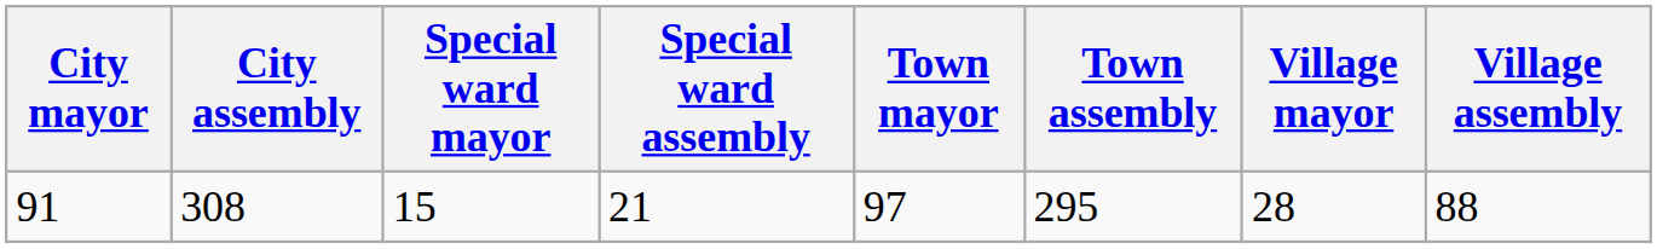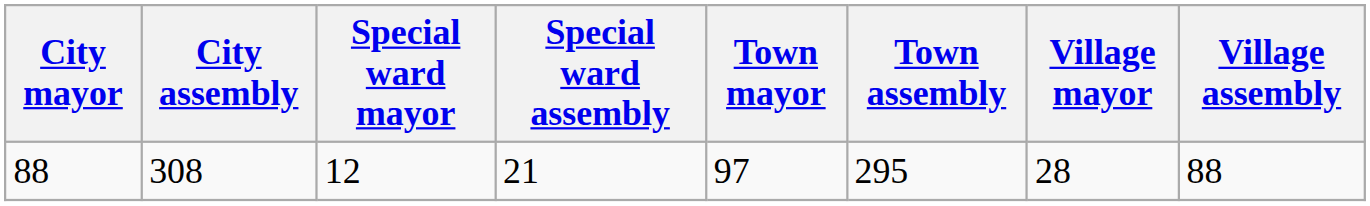 <table class="wikitable">
 <tr>
 <th><a href='#'>City</a> <a href='#'>mayor</a></th>
 <th><a href='#'>City</a> <a href='#'>assembly</a></th>
 <th><a href='#'>Special ward</a> <a href='#'>mayor</a></th>
 <th><a href='#'>Special ward</a> <a href='#'>assembly</a></th>
 <th><a href='#'>Town</a> <a href='#'>mayor</a></th>
 <th><a href='#'>Town</a> <a href='#'>assembly</a></th>
 <th><a href='#'>Village</a> <a href='#'>mayor</a></th>
 <th><a href='#'>Village</a> <a href='#'>assembly</a></th>
 </tr>
 <tr>
-<td>91</td>
+<td>88</td>
 <td>308</td>
-<td>15</td>
+<td>12</td>
 <td>21</td>
 <td>97</td>
 <td>295</td>
 <td>28</td>
 <td>88</td>
 </tr>
 </table>
